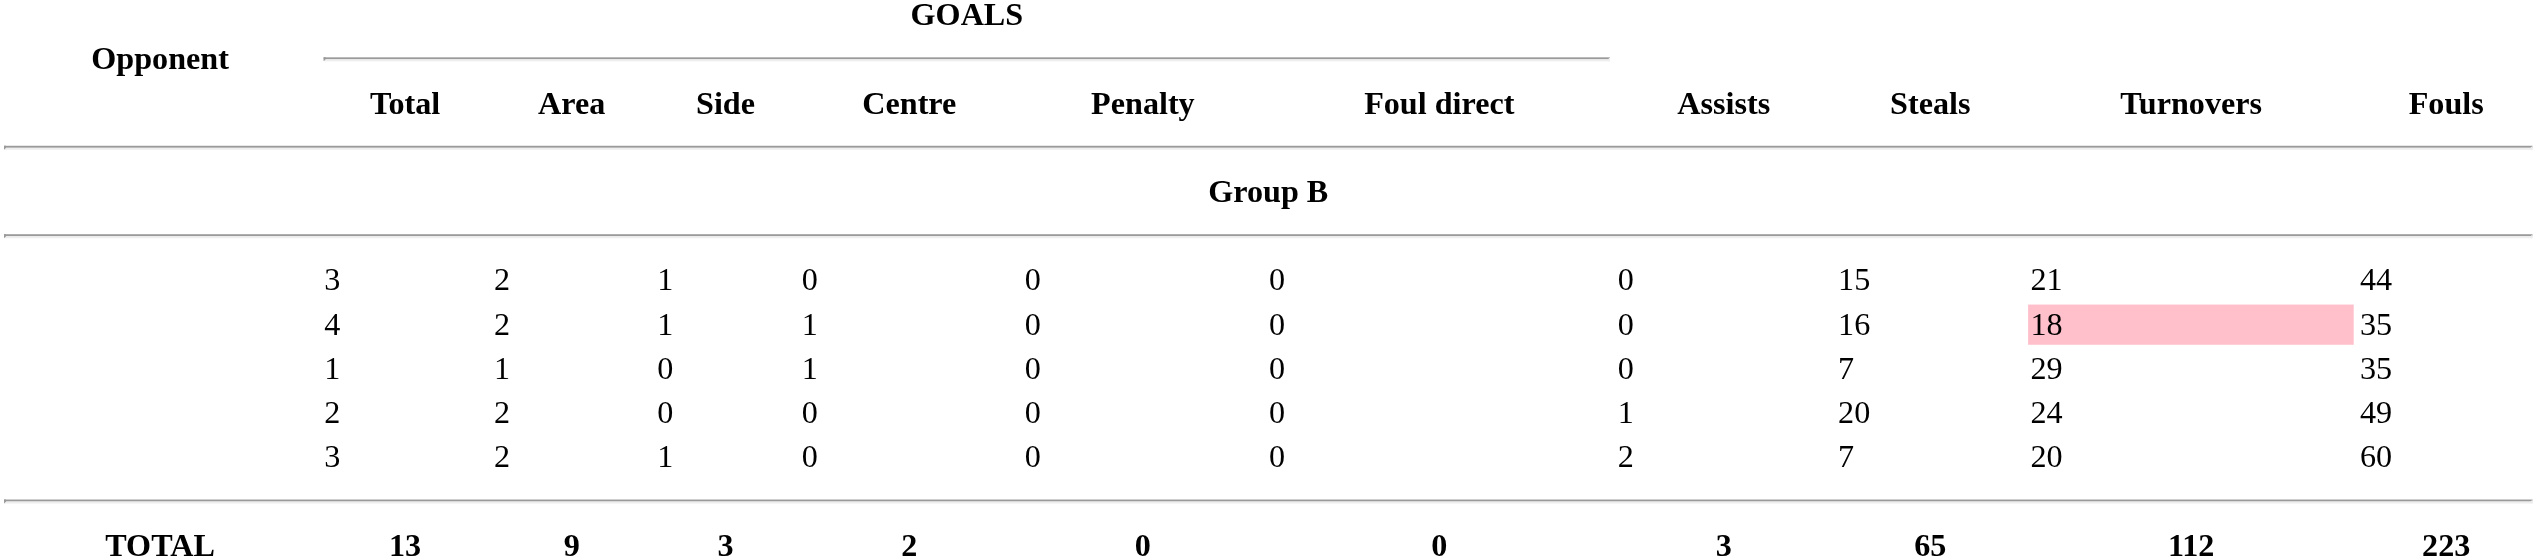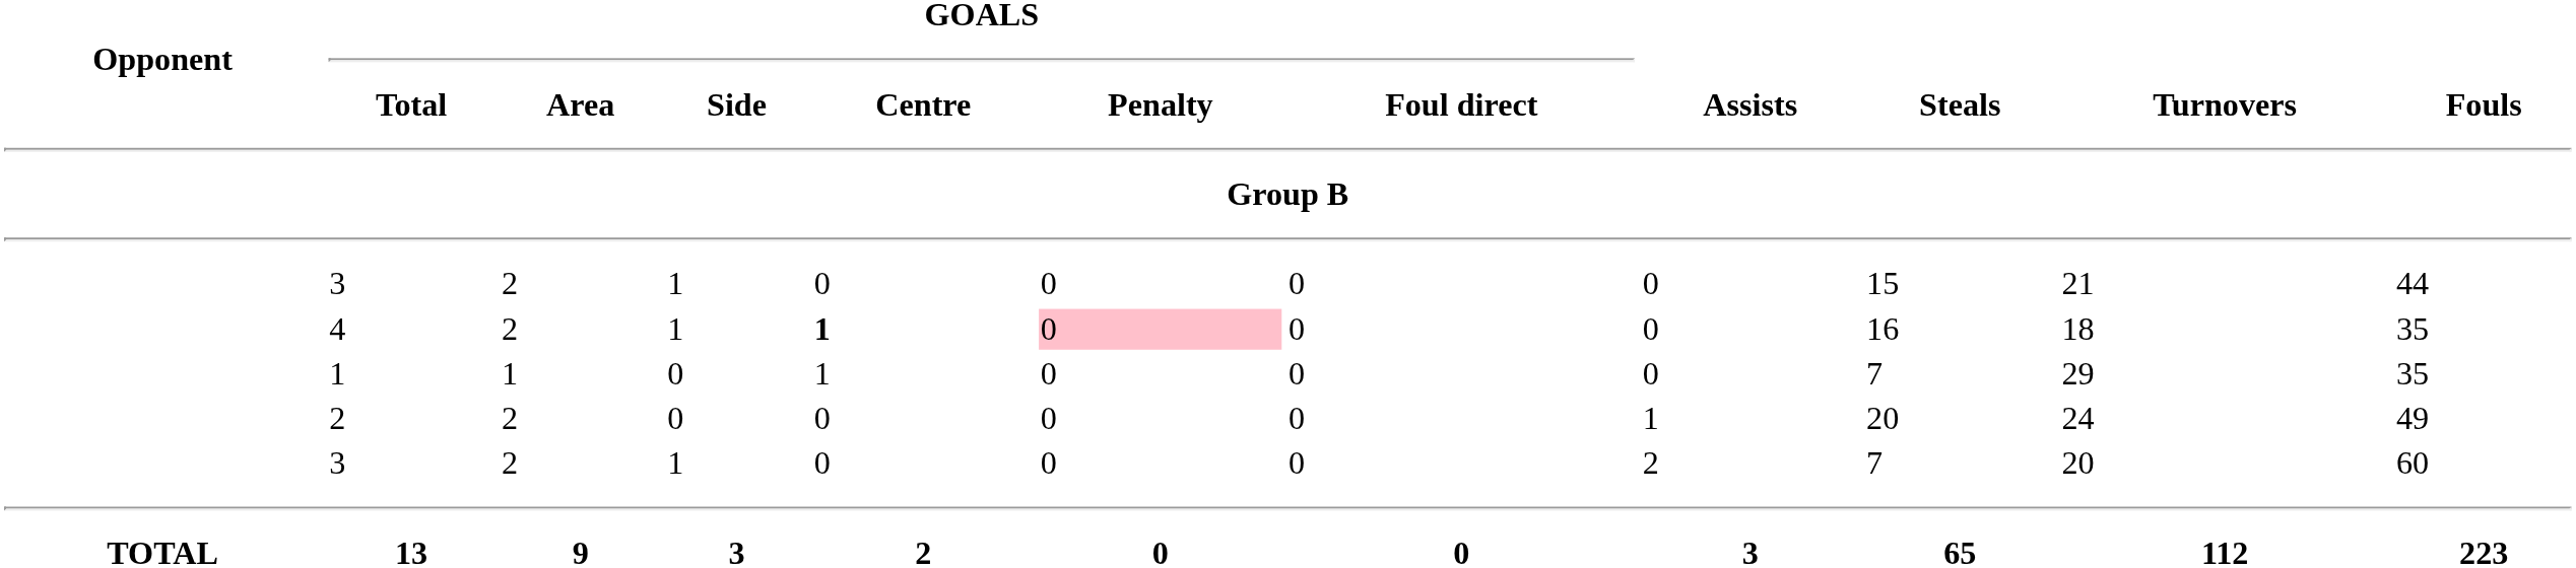 <table border=0 width=100%>
 <tr>
 <th rowspan=3>Opponent</th>
 <th align=center colspan=6 valign=bottom>GOALS</th>
 <th rowspan=3 valign=bottom>Assists</th>
 <th rowspan=3 valign=bottom>Steals</th>
 <th rowspan=3 valign=bottom>Turnovers</th>
 <th rowspan=3 valign=bottom>Fouls</th>
 </tr>
 <tr>
 <th colspan=6><hr></th>
 </tr>
 <tr>
 <th>Total</th>
 <th>Area</th>
 <th>Side</th>
 <th>Centre</th>
 <th>Penalty</th>
 <th>Foul direct</th>
 </tr>
 <tr>
 <th colspan=11><hr></th>
 </tr>
 <tr>
 <th colspan=11>Group B</th>
 </tr>
 <tr>
 <th colspan=11><hr></th>
 </tr>
 <tr>
 <td></td>
 <td>3</td>
 <td>2</td>
 <td>1</td>
 <td>0</td>
 <td>0</td>
 <td>0</td>
 <td>0</td>
 <td>15</td>
 <td>21</td>
 <td>44</td>
 </tr>
 <tr>
 <td></td>
 <td>4</td>
 <td>2</td>
 <td>1</td>
-<td>1</td>
-<td>0</td>
+<td><strong>1</strong></td>
+<td style="background: pink;">0</td>
 <td>0</td>
 <td>0</td>
 <td>16</td>
-<td style="background: pink;">18</td>
+<td>18</td>
 <td>35</td>
 </tr>
 <tr>
 <td></td>
 <td>1</td>
 <td>1</td>
 <td>0</td>
 <td>1</td>
 <td>0</td>
 <td>0</td>
 <td>0</td>
 <td>7</td>
 <td>29</td>
 <td>35</td>
 </tr>
 <tr>
 <td></td>
 <td>2</td>
 <td>2</td>
 <td>0</td>
 <td>0</td>
 <td>0</td>
 <td>0</td>
 <td>1</td>
 <td>20</td>
 <td>24</td>
 <td>49</td>
 </tr>
 <tr>
 <td></td>
 <td>3</td>
 <td>2</td>
 <td>1</td>
 <td>0</td>
 <td>0</td>
 <td>0</td>
 <td>2</td>
 <td>7</td>
 <td>20</td>
 <td>60</td>
 </tr>
 <tr>
 <td colspan=11><hr></td>
 </tr>
 <tr>
 <th>TOTAL</th>
 <th>13</th>
 <th>9</th>
 <th>3</th>
 <th>2</th>
 <th>0</th>
 <th>0</th>
 <th>3</th>
 <th>65</th>
 <th>112</th>
 <th>223</th>
 </tr>
 </table>
